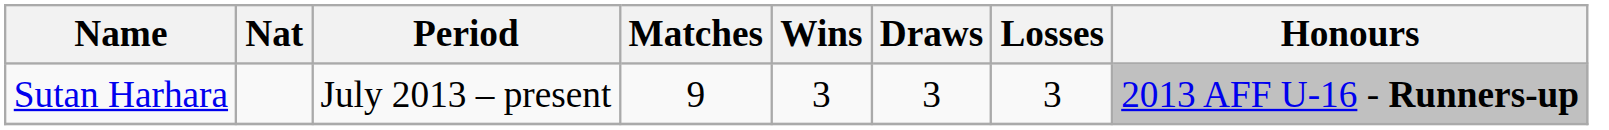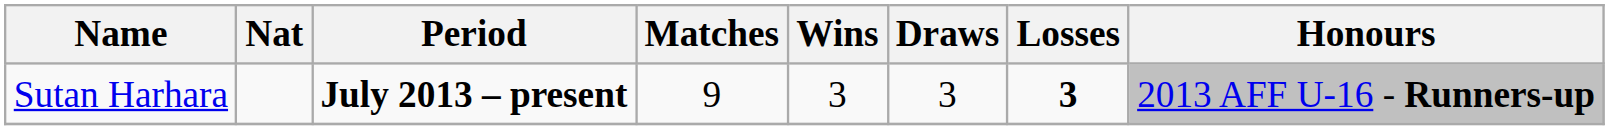 <table class="wikitable">
 <tr>
 <th>Name</th>
 <th>Nat</th>
 <th>Period</th>
 <th>Matches</th>
 <th>Wins</th>
 <th>Draws</th>
 <th>Losses</th>
 <th>Honours</th>
 </tr>
 <tr>
 <td><a href='#'>Sutan Harhara</a></td>
 <td align="center"></td>
-<td align="center">July 2013 – present</td>
+<td align="center"><strong>July 2013 – present</strong></td>
 <td align="center">9</td>
 <td align="center">3</td>
 <td align="center">3</td>
-<td align="center">3</td>
+<td align="center"><strong>3</strong></td>
 <td style=background:silver><a href='#'>2013 AFF U-16</a> - <strong>Runners-up</strong></td>
 </tr>
 <tr>
 </tr>
 </table>
